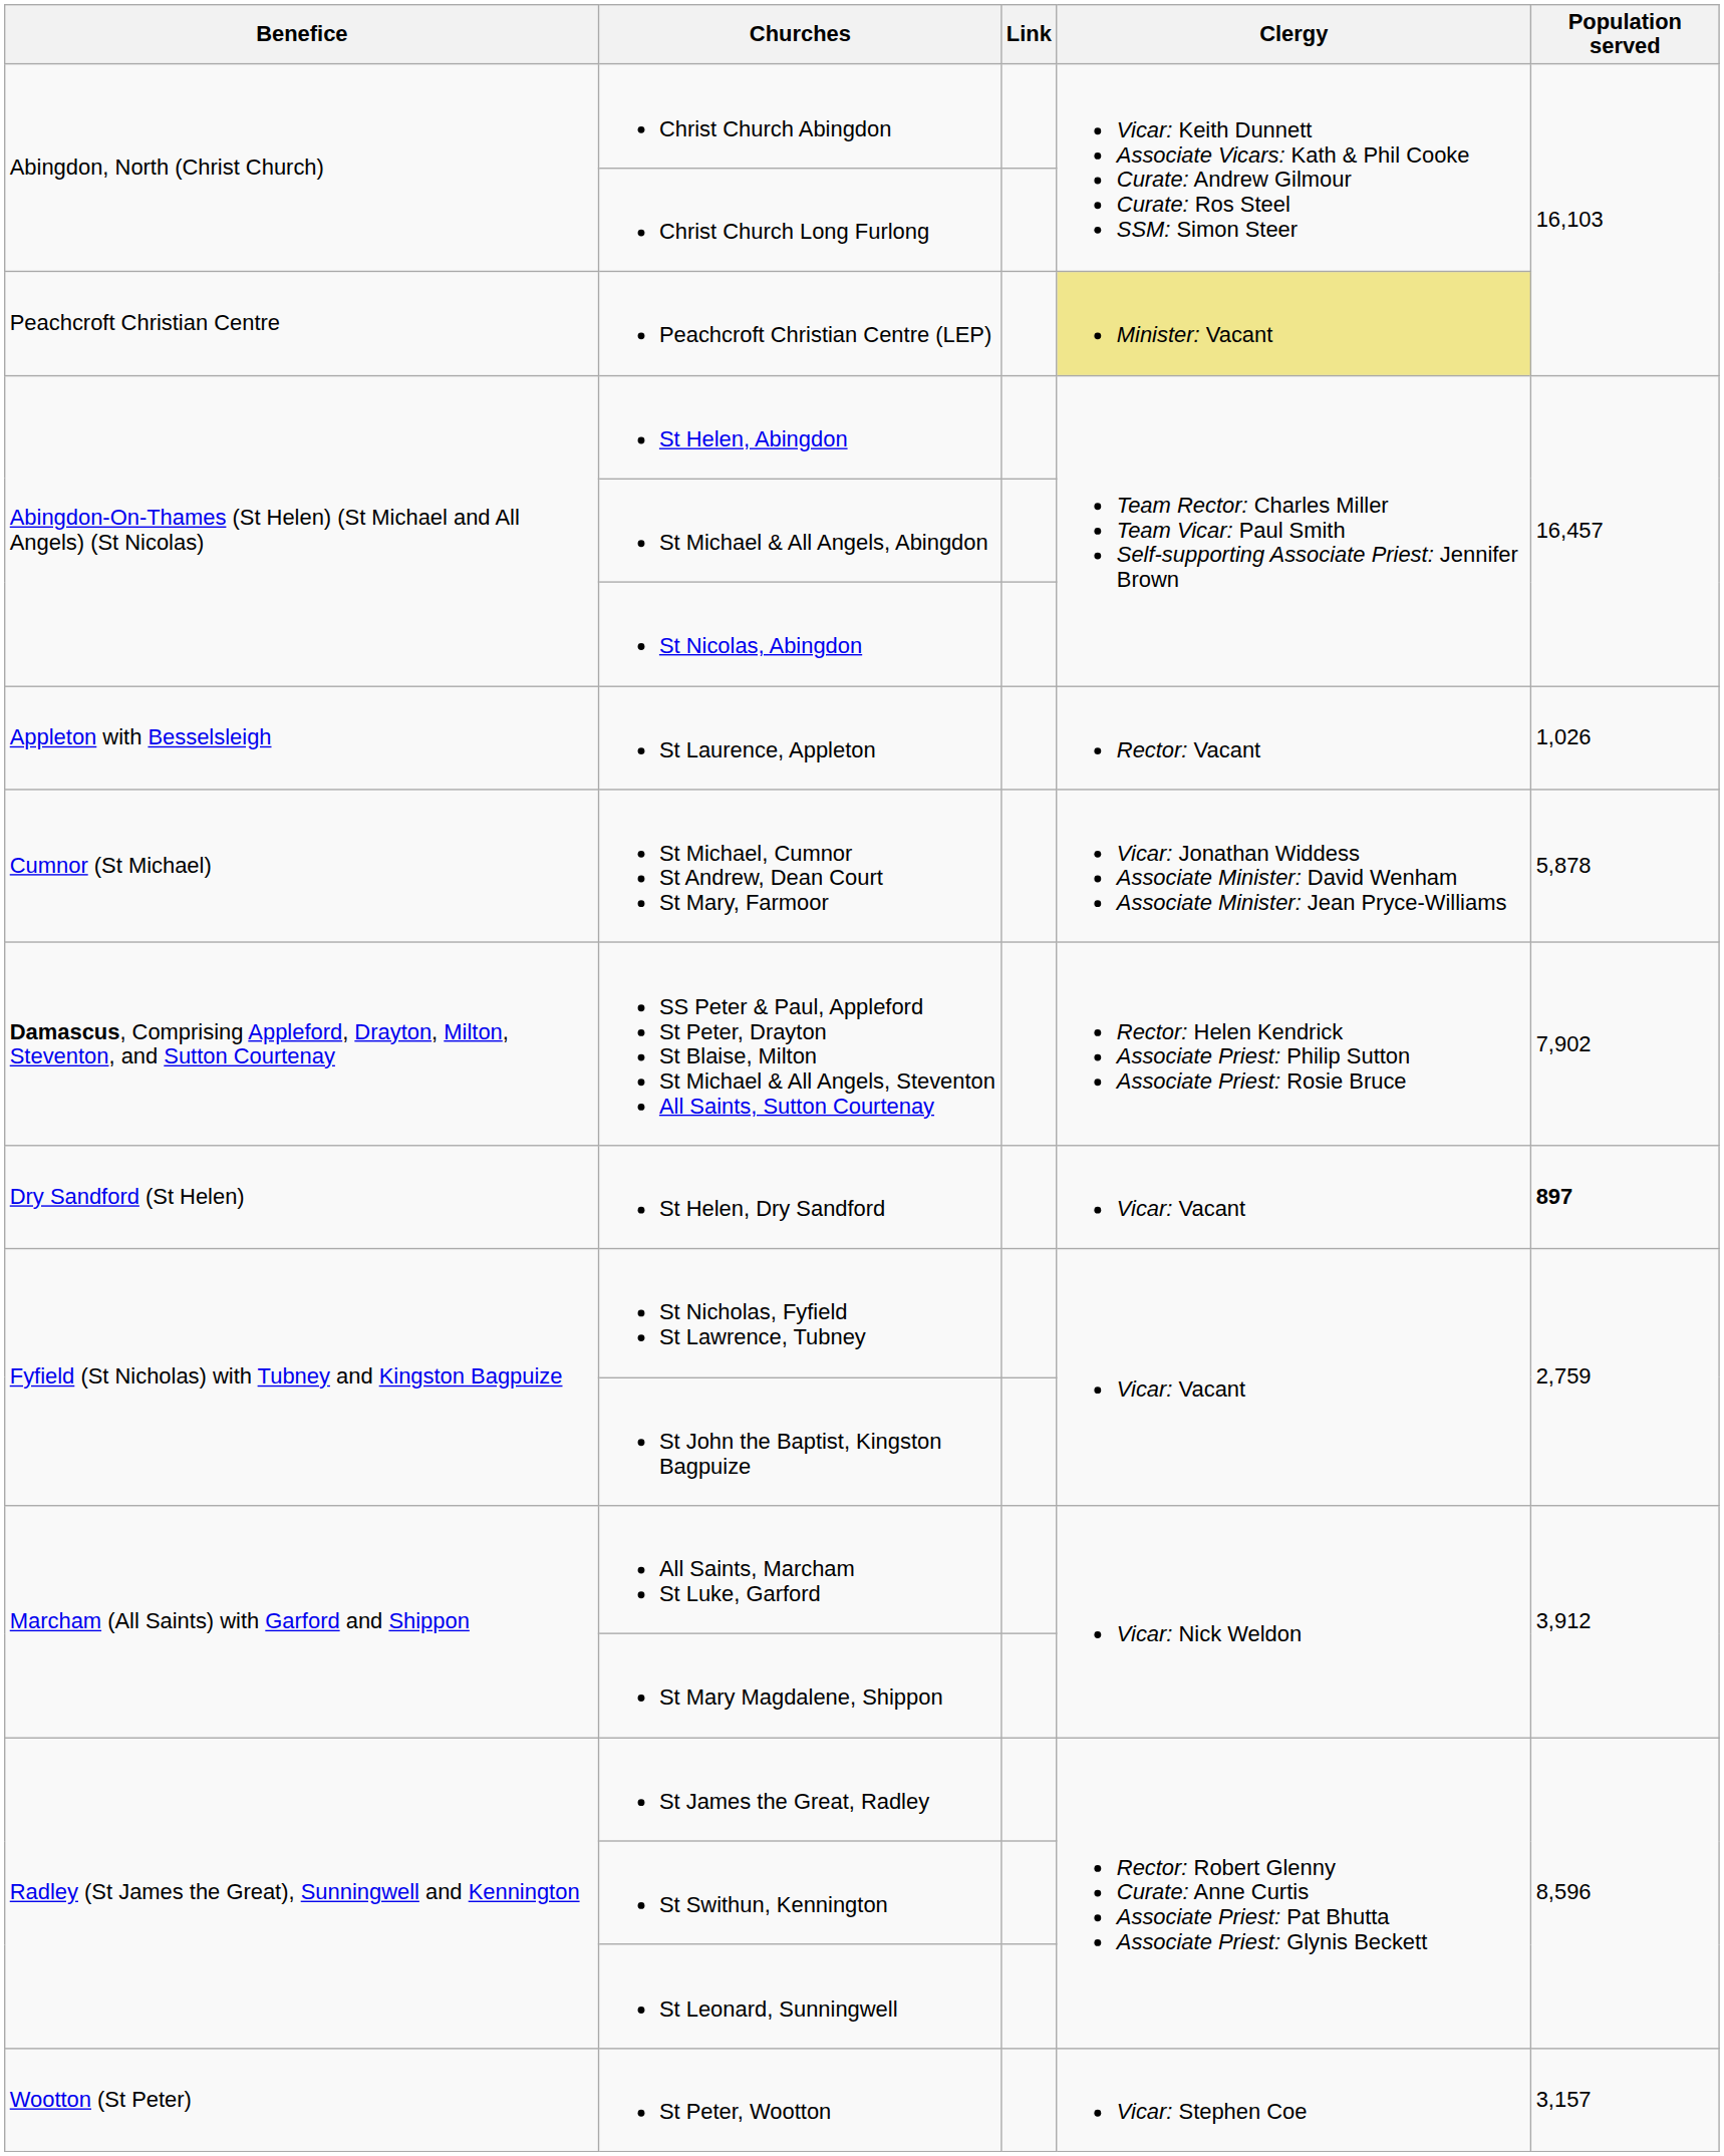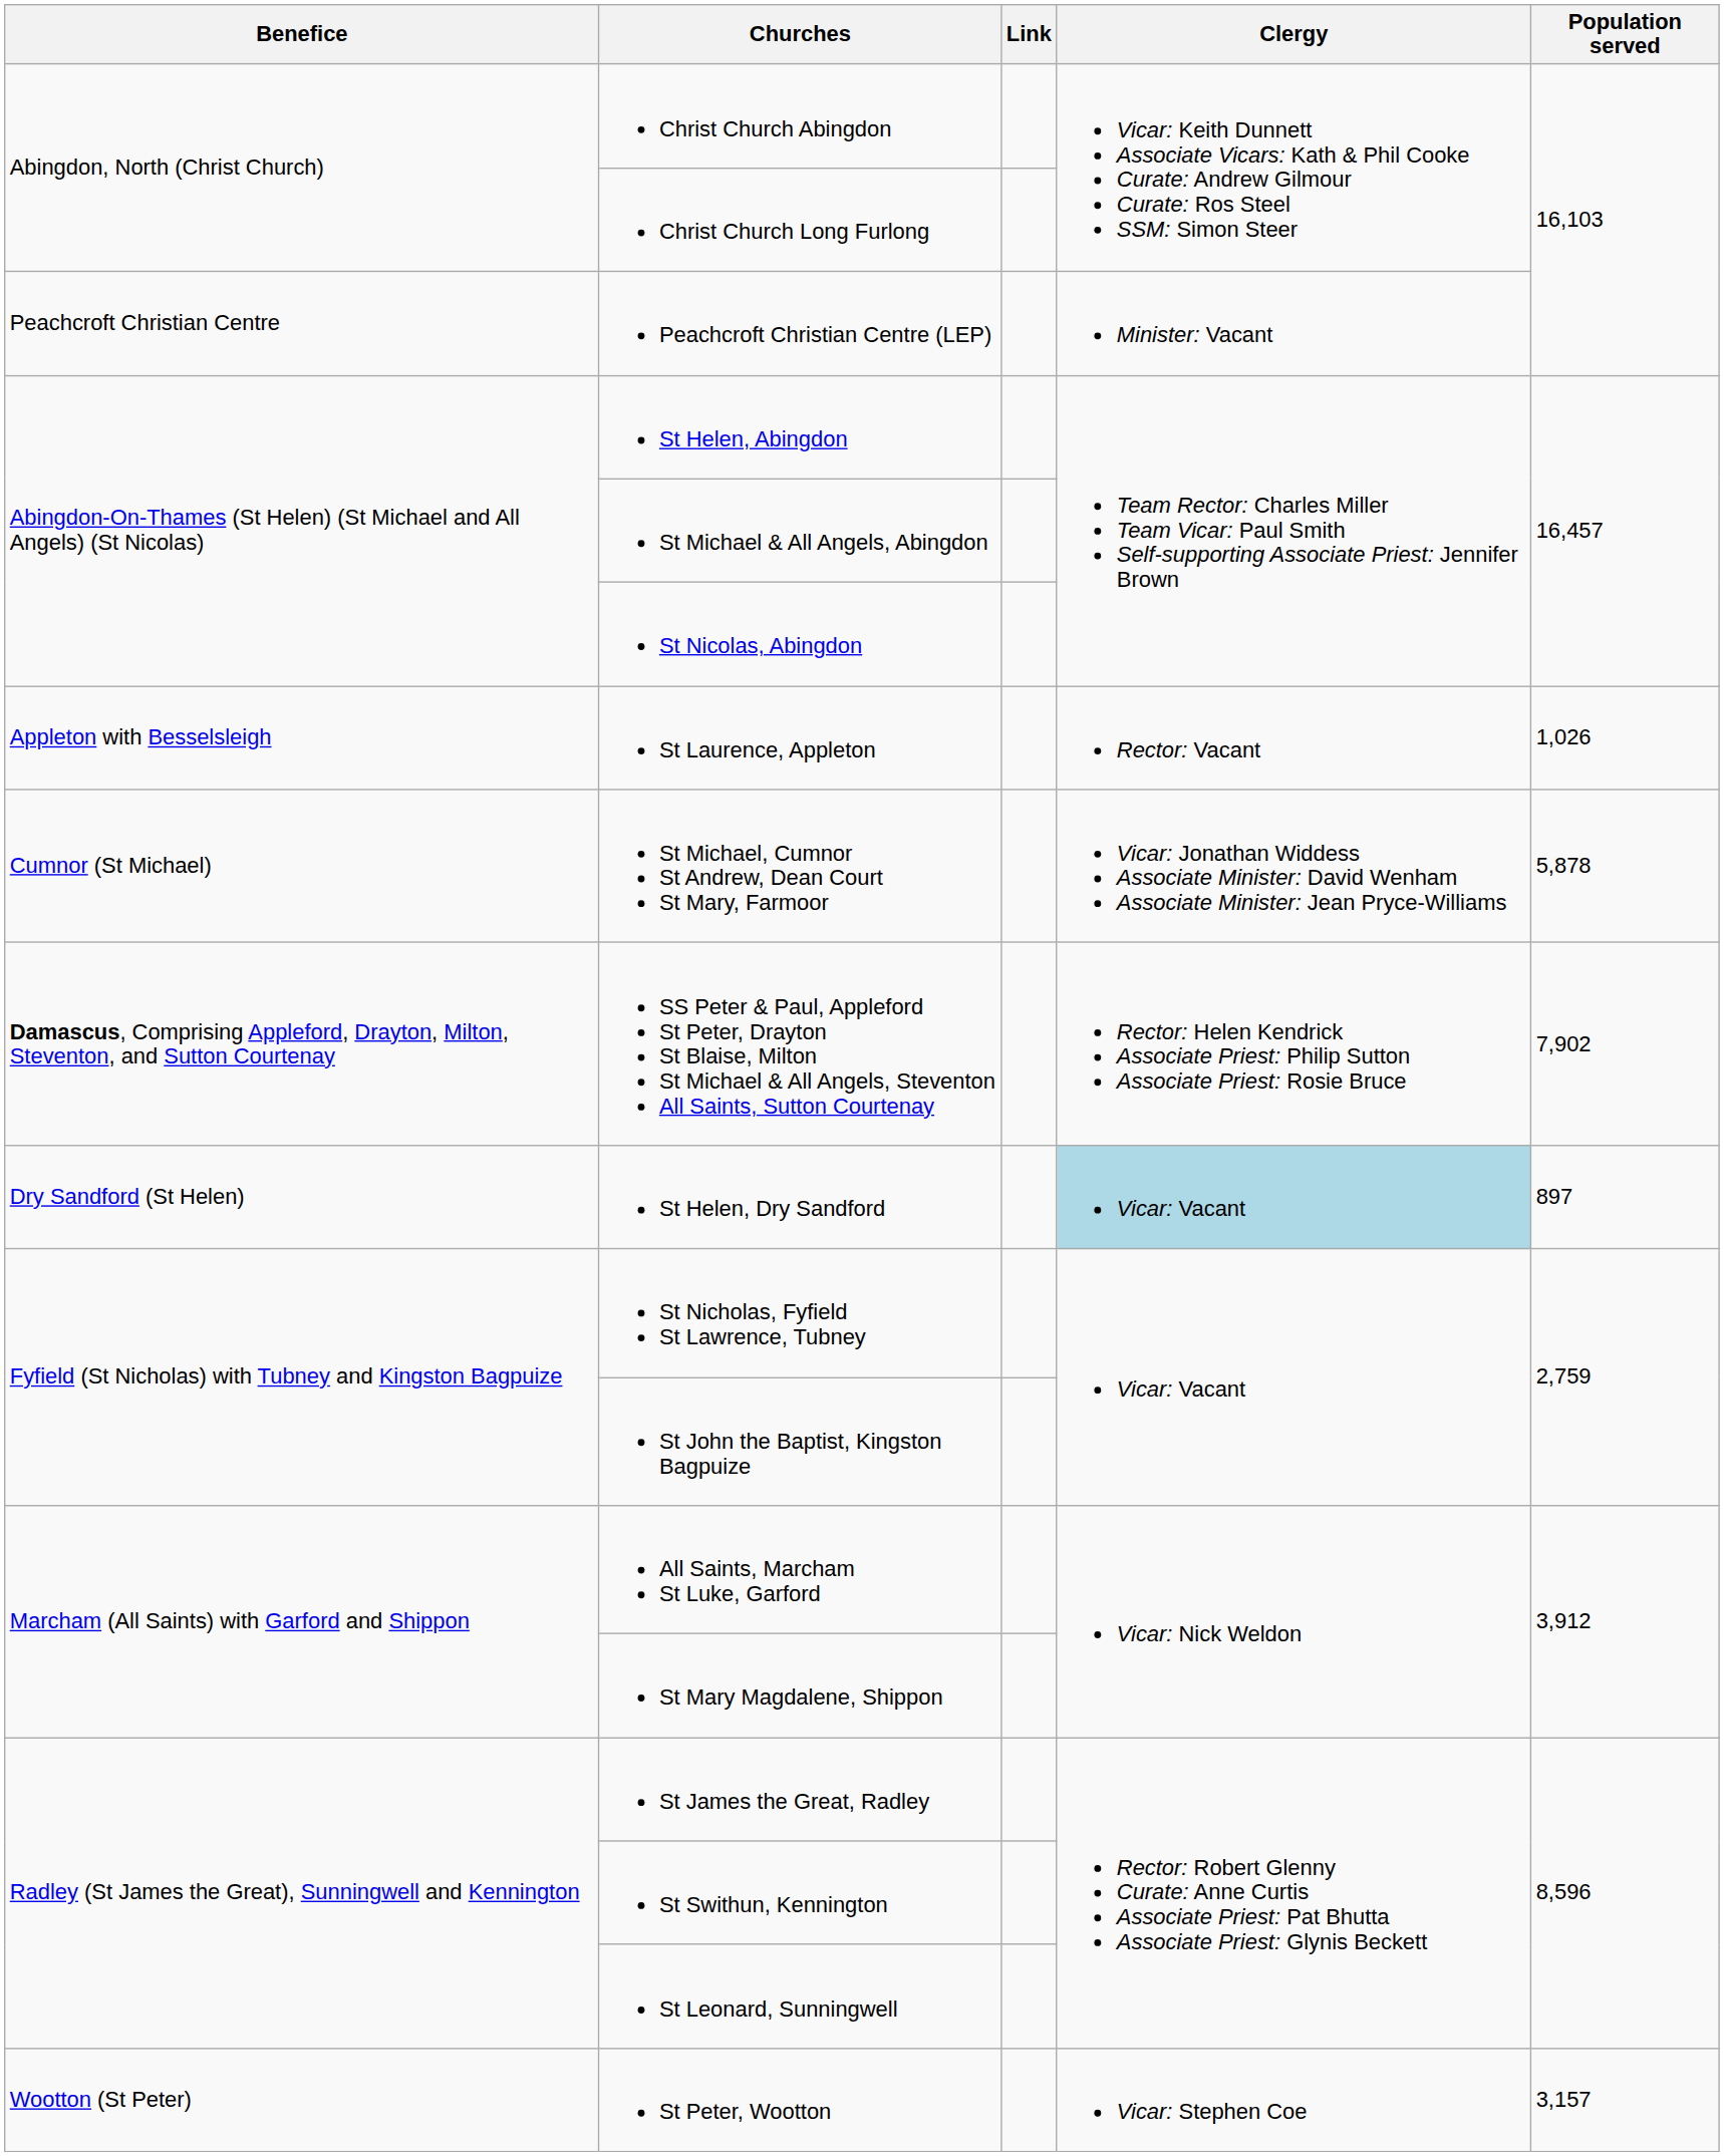 <table class="wikitable">
 <tr>
 <th width="425">Benefice</th>
 <th>Churches</th>
 <th>Link</th>
 <th>Clergy</th>
 <th>Population served</th>
 </tr>
 <tr>
 <td rowspan="2">Abingdon, North (Christ Church)</td>
 <td><br><ul><li>Christ Church Abingdon</li></ul></td>
 <td></td>
 <td rowspan="2"><br><ul><li><em>Vicar:</em> Keith Dunnett</li><li><em>Associate Vicars:</em> Kath & Phil Cooke</li><li><em>Curate:</em> Andrew Gilmour</li><li><em>Curate:</em> Ros Steel</li><li><em>SSM:</em> Simon Steer</li></ul></td>
 <td rowspan="3">16,103</td>
 </tr>
 <tr>
 <td><br><ul><li>Christ Church Long Furlong</li></ul></td>
 <td></td>
 </tr>
 <tr>
 <td>Peachcroft Christian Centre</td>
 <td><br><ul><li>Peachcroft Christian Centre (LEP)</li></ul></td>
 <td></td>
-<td style="background: khaki;"><br><ul><li><em>Minister:</em> Vacant</li></ul></td>
+<td><br><ul><li><em>Minister:</em> Vacant</li></ul></td>
 </tr>
 <tr>
 <td rowspan="3"><a href='#'>Abingdon-On-Thames</a> (St Helen) (St Michael and All Angels) (St Nicolas)</td>
 <td><br><ul><li><a href='#'>St Helen, Abingdon</a></li></ul></td>
 <td></td>
 <td rowspan="3"><br><ul><li><em>Team Rector:</em> Charles Miller</li><li><em>Team Vicar:</em> Paul Smith</li><li><em>Self-supporting Associate Priest:</em> Jennifer Brown</li></ul></td>
 <td rowspan="3">16,457</td>
 </tr>
 <tr>
 <td><br><ul><li>St Michael & All Angels, Abingdon</li></ul></td>
 <td></td>
 </tr>
 <tr>
 <td><br><ul><li><a href='#'>St Nicolas, Abingdon</a></li></ul></td>
 <td></td>
 </tr>
 <tr>
 <td><a href='#'>Appleton</a> with <a href='#'>Besselsleigh</a></td>
 <td><br><ul><li>St Laurence, Appleton</li></ul></td>
 <td></td>
 <td><br><ul><li><em>Rector:</em> Vacant</li></ul></td>
 <td>1,026</td>
 </tr>
 <tr>
 <td><a href='#'>Cumnor</a> (St Michael)</td>
 <td><br><ul><li>St Michael, Cumnor</li><li>St Andrew, Dean Court</li><li>St Mary, Farmoor</li></ul></td>
 <td></td>
 <td><br><ul><li><em>Vicar:</em> Jonathan Widdess</li><li><em>Associate Minister:</em> David Wenham</li><li><em>Associate Minister:</em> Jean Pryce-Williams</li></ul></td>
 <td>5,878</td>
 </tr>
 <tr>
 <td><strong>Damascus</strong>, Comprising <a href='#'>Appleford</a>, <a href='#'>Drayton</a>, <a href='#'>Milton</a>, <a href='#'>Steventon</a>, and <a href='#'>Sutton Courtenay</a></td>
 <td><br><ul><li>SS Peter & Paul, Appleford</li><li>St Peter, Drayton</li><li>St Blaise, Milton</li><li>St Michael & All Angels, Steventon</li><li><a href='#'>All Saints, Sutton Courtenay</a></li></ul></td>
 <td></td>
 <td><br><ul><li><em>Rector:</em> Helen Kendrick</li><li><em>Associate Priest:</em> Philip Sutton</li><li><em>Associate Priest:</em> Rosie Bruce</li></ul></td>
 <td>7,902</td>
 </tr>
 <tr>
 <td><a href='#'>Dry Sandford</a> (St Helen)</td>
 <td><br><ul><li>St Helen, Dry Sandford</li></ul></td>
 <td></td>
-<td><br><ul><li><em>Vicar:</em> Vacant</li></ul></td>
-<td><strong>897</strong></td>
+<td style="background: lightblue;"><br><ul><li><em>Vicar:</em> Vacant</li></ul></td>
+<td>897</td>
 </tr>
 <tr>
 <td rowspan="2"><a href='#'>Fyfield</a> (St Nicholas) with <a href='#'>Tubney</a> and <a href='#'>Kingston Bagpuize</a></td>
 <td><br><ul><li>St Nicholas, Fyfield</li><li>St Lawrence, Tubney</li></ul></td>
 <td></td>
 <td rowspan="2"><br><ul><li><em>Vicar:</em> Vacant</li></ul></td>
 <td rowspan="2">2,759</td>
 </tr>
 <tr>
 <td><br><ul><li>St John the Baptist, Kingston Bagpuize</li></ul></td>
 <td></td>
 </tr>
 <tr>
 <td rowspan="2"><a href='#'>Marcham</a> (All Saints) with <a href='#'>Garford</a> and <a href='#'>Shippon</a></td>
 <td><br><ul><li>All Saints, Marcham</li><li>St Luke, Garford</li></ul></td>
 <td></td>
 <td rowspan="2"><br><ul><li><em>Vicar:</em> Nick Weldon</li></ul></td>
 <td rowspan="2">3,912</td>
 </tr>
 <tr>
 <td><br><ul><li>St Mary Magdalene, Shippon</li></ul></td>
 <td></td>
 </tr>
 <tr>
 <td rowspan="3"><a href='#'>Radley</a> (St James the Great), <a href='#'>Sunningwell</a> and <a href='#'>Kennington</a></td>
 <td><br><ul><li>St James the Great, Radley</li></ul></td>
 <td></td>
 <td rowspan="3"><br><ul><li><em>Rector:</em> Robert Glenny</li><li><em>Curate:</em> Anne Curtis</li><li><em>Associate Priest:</em> Pat Bhutta</li><li><em>Associate Priest:</em> Glynis Beckett</li></ul></td>
 <td rowspan="3">8,596</td>
 </tr>
 <tr>
 <td><br><ul><li>St Swithun, Kennington</li></ul></td>
 <td></td>
 </tr>
 <tr>
 <td><br><ul><li>St Leonard, Sunningwell</li></ul></td>
 <td></td>
 </tr>
 <tr>
 <td><a href='#'>Wootton</a> (St Peter)</td>
 <td><br><ul><li>St Peter, Wootton</li></ul></td>
 <td></td>
 <td><br><ul><li><em>Vicar:</em> Stephen Coe</li></ul></td>
 <td>3,157</td>
 </tr>
 </table>
